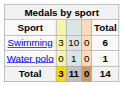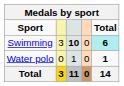 <table class="wikitable" style="font-size:85%">
 <tr style="background:#efefef;">
 <th colspan=7>Medals by sport</th>
 </tr>
 <tr align=center>
 <td><strong>Sport</strong></td>
 <td bgcolor=#f7f6a8></td>
 <td bgcolor=#dce5e5></td>
 <td bgcolor=#ffdab9></td>
 <td><strong>Total</strong></td>
 </tr>
 <tr align=center>
 <td><a href='#'>Swimming</a></td>
 <td style="background:#F7F6A8;">3</td>
-<td style="background:#DCE5E5;">10</td>
+<td style="background:#DCE5E5;"><strong>10</strong></td>
 <td style="background:#FFDAB9;">0</td>
-<td><strong>6</strong></td>
+<td style="background: paleturquoise;"><strong>6</strong></td>
 </tr>
 <tr align=center>
 <td><a href='#'>Water polo</a></td>
 <td style="background:#F7F6A8;">0</td>
 <td style="background:#DCE5E5;">1</td>
 <td style="background:#FFDAB9;">0</td>
 <td><strong>1</strong></td>
 </tr>
 <tr align=center>
 <th>Total</th>
 <th style="background:gold;">3</th>
 <th style="background:silver;">11</th>
 <th style="background:#c96;">0</th>
 <th>14</th>
 </tr>
 </table>
